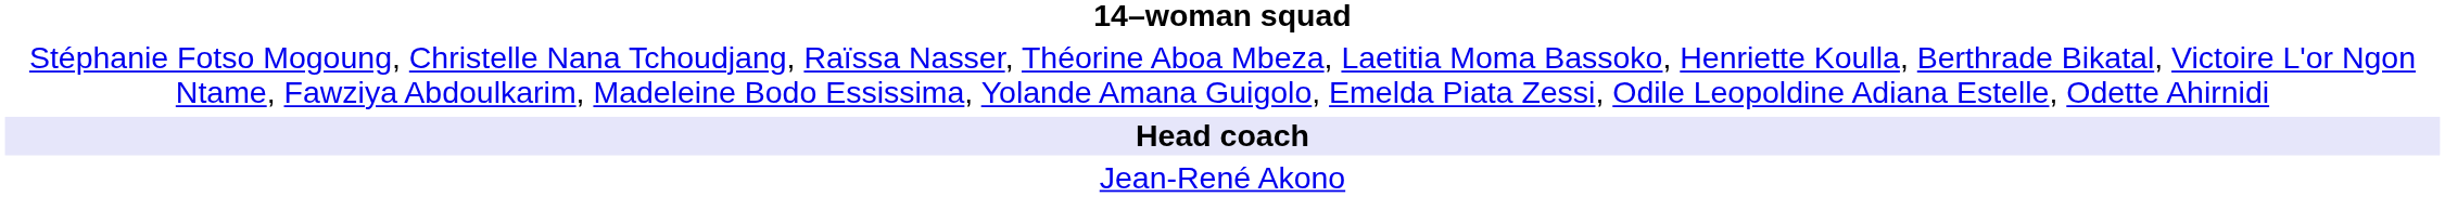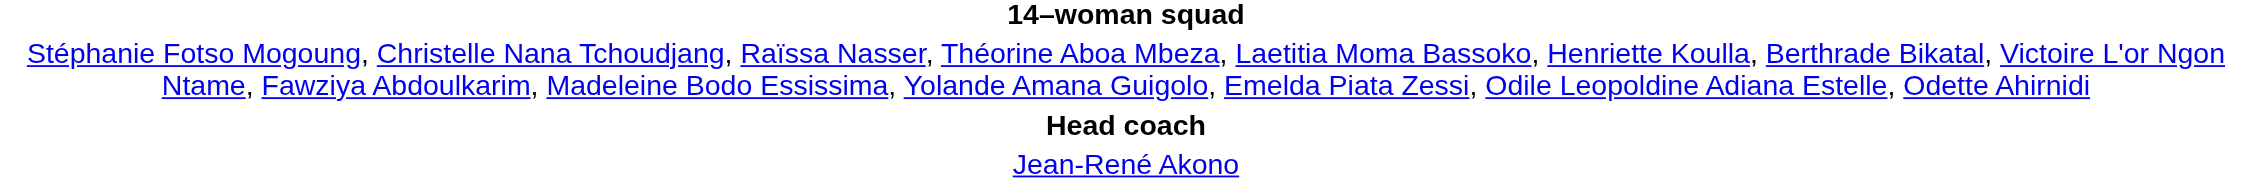 <table style="text-align: center; margin-top: 2em; margin-left: auto; margin-right: auto">
 <tr>
 <td><strong>14–woman squad</strong></td>
 </tr>
 <tr>
 <td><a href='#'>Stéphanie Fotso Mogoung</a>, <a href='#'>Christelle Nana Tchoudjang</a>, <a href='#'>Raïssa Nasser</a>, <a href='#'>Théorine Aboa Mbeza</a>, <a href='#'>Laetitia Moma Bassoko</a>, <a href='#'>Henriette Koulla</a>, <a href='#'>Berthrade Bikatal</a>, <a href='#'>Victoire L'or Ngon Ntame</a>, <a href='#'>Fawziya Abdoulkarim</a>, <a href='#'>Madeleine Bodo Essissima</a>, <a href='#'>Yolande Amana Guigolo</a>, <a href='#'>Emelda Piata Zessi</a>, <a href='#'>Odile Leopoldine Adiana Estelle</a>, <a href='#'>Odette Ahirnidi</a></td>
 </tr>
 <tr>
-<td style="background: lavender;"><strong>Head coach</strong></td>
+<td><strong>Head coach</strong></td>
 </tr>
 <tr>
 <td><a href='#'>Jean-René Akono</a></td>
 </tr>
 </table>
